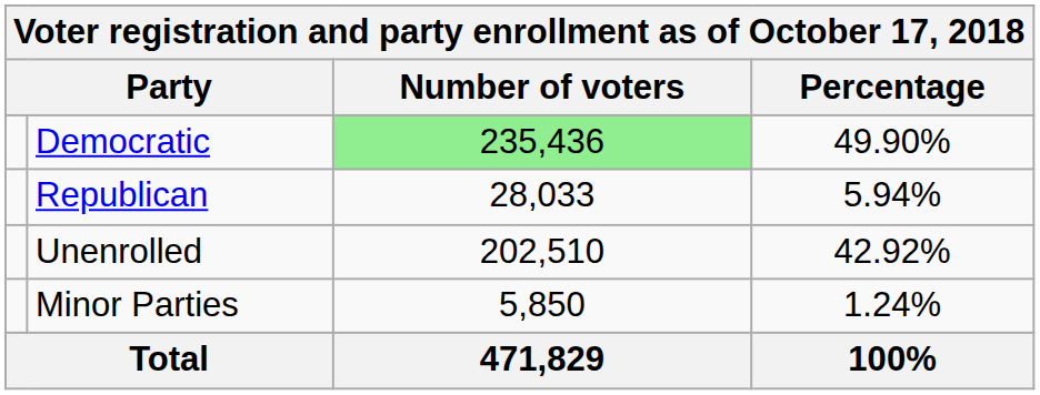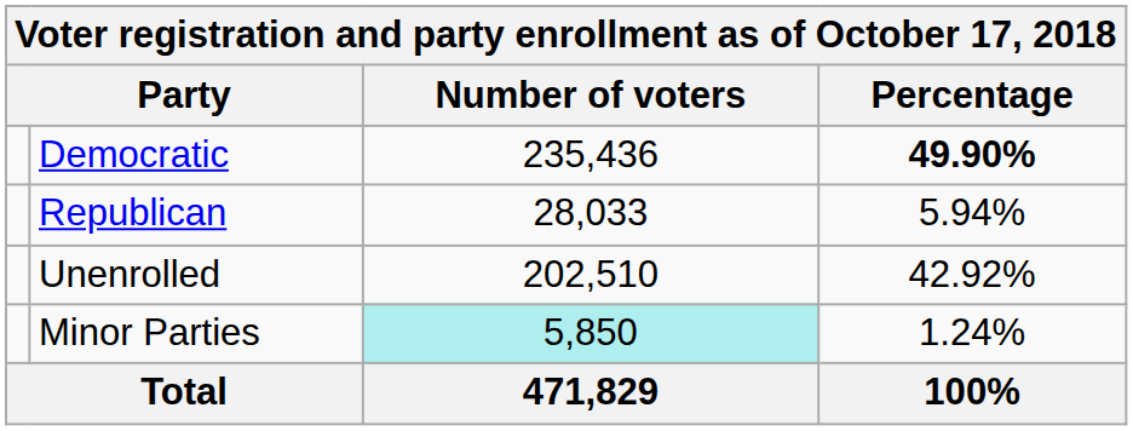 <table class=wikitable>
 <tr>
 <th colspan = 6>Voter registration and party enrollment as of October 17, 2018</th>
 </tr>
 <tr>
 <th colspan = 2>Party</th>
 <th>Number of voters</th>
 <th>Percentage</th>
 </tr>
 <tr>
 <td></td>
 <td><a href='#'>Democratic</a></td>
-<td align = center style="background: lightgreen;">235,436</td>
-<td align = center>49.90%</td>
+<td align = center>235,436</td>
+<td align = center><strong>49.90%</strong></td>
 </tr>
 <tr>
 <td></td>
 <td><a href='#'>Republican</a></td>
 <td align = center>28,033</td>
 <td align = center>5.94%</td>
 </tr>
 <tr>
 <td></td>
 <td>Unenrolled</td>
 <td align = center>202,510</td>
 <td align = center>42.92%</td>
 </tr>
 <tr>
 <td></td>
 <td>Minor Parties</td>
-<td align = center>5,850</td>
+<td align = center style="background: paleturquoise;">5,850</td>
 <td align = center>1.24%</td>
 </tr>
 <tr>
 <th colspan = 2>Total</th>
 <th align = center>471,829</th>
 <th align = center>100%</th>
 </tr>
 </table>
